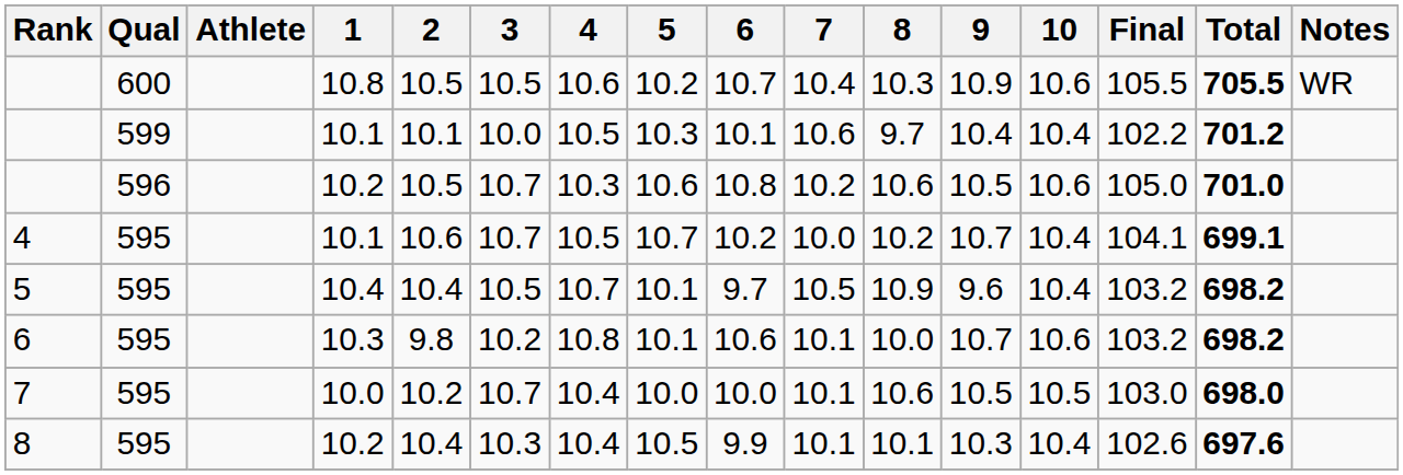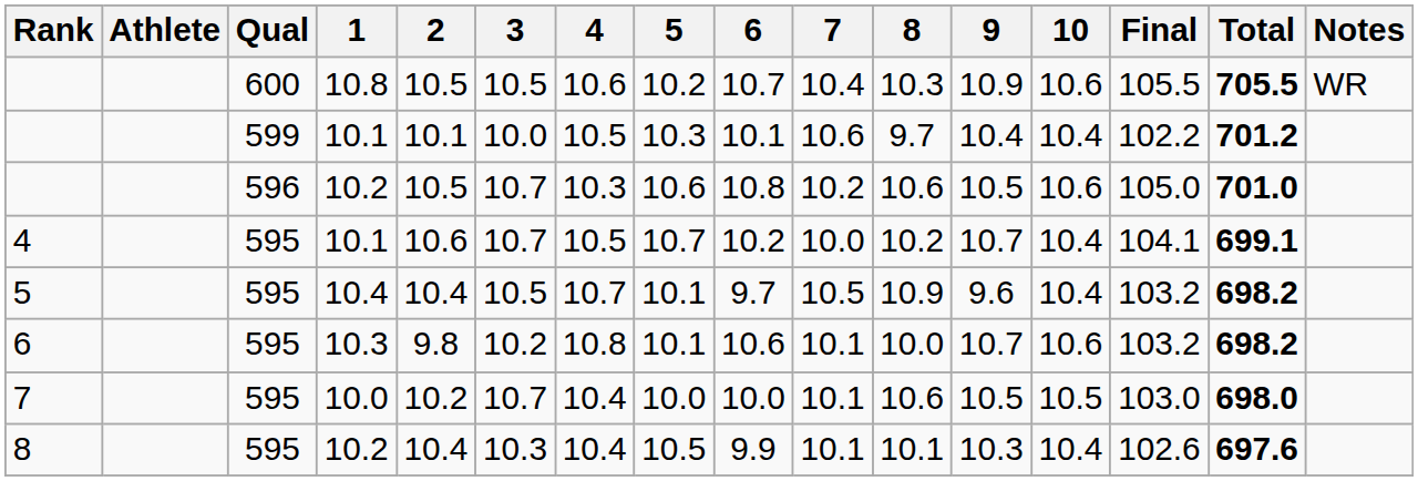 <table class="wikitable sortable">
 <tr>
 <th>Rank</th>
+<th>Athlete</th>
 <th>Qual</th>
-<th>Athlete</th>
 <th class="unsortable" style="width: 28px">1</th>
 <th class="unsortable" style="width: 28px">2</th>
 <th class="unsortable" style="width: 28px">3</th>
 <th class="unsortable" style="width: 28px">4</th>
 <th class="unsortable" style="width: 28px">5</th>
 <th class="unsortable" style="width: 28px">6</th>
 <th class="unsortable" style="width: 28px">7</th>
 <th class="unsortable" style="width: 28px">8</th>
 <th class="unsortable" style="width: 28px">9</th>
 <th class="unsortable" style="width: 28px">10</th>
 <th>Final</th>
 <th>Total</th>
 <th class="unsortable">Notes</th>
 </tr>
 <tr>
 <td></td>
+<td></td>
 <td align="center">600</td>
-<td></td>
 <td align="center">10.8</td>
 <td align="center">10.5</td>
 <td align="center">10.5</td>
 <td align="center">10.6</td>
 <td align="center">10.2</td>
 <td align="center">10.7</td>
 <td align="center">10.4</td>
 <td align="center">10.3</td>
 <td align="center">10.9</td>
 <td align="center">10.6</td>
 <td>105.5</td>
 <td><strong>705.5</strong></td>
 <td>WR</td>
 </tr>
 <tr>
 <td></td>
+<td></td>
 <td align="center">599</td>
-<td></td>
 <td align="center">10.1</td>
 <td align="center">10.1</td>
 <td align="center">10.0</td>
 <td align="center">10.5</td>
 <td align="center">10.3</td>
 <td align="center">10.1</td>
 <td align="center">10.6</td>
 <td align="center">9.7</td>
 <td align="center">10.4</td>
 <td align="center">10.4</td>
 <td>102.2</td>
 <td><strong>701.2</strong></td>
 <td></td>
 </tr>
 <tr>
 <td></td>
+<td></td>
 <td align="center">596</td>
-<td></td>
 <td align="center">10.2</td>
 <td align="center">10.5</td>
 <td align="center">10.7</td>
 <td align="center">10.3</td>
 <td align="center">10.6</td>
 <td align="center">10.8</td>
 <td align="center">10.2</td>
 <td align="center">10.6</td>
 <td align="center">10.5</td>
 <td align="center">10.6</td>
 <td>105.0</td>
 <td><strong>701.0</strong></td>
 <td></td>
 </tr>
 <tr>
 <td>4</td>
+<td></td>
 <td align="center">595</td>
-<td></td>
 <td align="center">10.1</td>
 <td align="center">10.6</td>
 <td align="center">10.7</td>
 <td align="center">10.5</td>
 <td align="center">10.7</td>
 <td align="center">10.2</td>
 <td align="center">10.0</td>
 <td align="center">10.2</td>
 <td align="center">10.7</td>
 <td align="center">10.4</td>
 <td>104.1</td>
 <td><strong>699.1</strong></td>
 <td></td>
 </tr>
 <tr>
 <td>5</td>
+<td></td>
 <td align="center">595</td>
-<td></td>
 <td align="center">10.4</td>
 <td align="center">10.4</td>
 <td align="center">10.5</td>
 <td align="center">10.7</td>
 <td align="center">10.1</td>
 <td align="center">9.7</td>
 <td align="center">10.5</td>
 <td align="center">10.9</td>
 <td align="center">9.6</td>
 <td align="center">10.4</td>
 <td>103.2</td>
 <td><strong>698.2</strong></td>
 <td></td>
 </tr>
 <tr>
 <td>6</td>
+<td></td>
 <td align="center">595</td>
-<td></td>
 <td align="center">10.3</td>
 <td align="center">9.8</td>
 <td align="center">10.2</td>
 <td align="center">10.8</td>
 <td align="center">10.1</td>
 <td align="center">10.6</td>
 <td align="center">10.1</td>
 <td align="center">10.0</td>
 <td align="center">10.7</td>
 <td align="center">10.6</td>
 <td>103.2</td>
 <td><strong>698.2</strong></td>
 <td></td>
 </tr>
 <tr>
 <td>7</td>
+<td></td>
 <td align="center">595</td>
-<td></td>
 <td align="center">10.0</td>
 <td align="center">10.2</td>
 <td align="center">10.7</td>
 <td align="center">10.4</td>
 <td align="center">10.0</td>
 <td align="center">10.0</td>
 <td align="center">10.1</td>
 <td align="center">10.6</td>
 <td align="center">10.5</td>
 <td align="center">10.5</td>
 <td>103.0</td>
 <td><strong>698.0</strong></td>
 <td></td>
 </tr>
 <tr>
 <td>8</td>
+<td></td>
 <td align="center">595</td>
-<td></td>
 <td align="center">10.2</td>
 <td align="center">10.4</td>
 <td align="center">10.3</td>
 <td align="center">10.4</td>
 <td align="center">10.5</td>
 <td align="center">9.9</td>
 <td align="center">10.1</td>
 <td align="center">10.1</td>
 <td align="center">10.3</td>
 <td align="center">10.4</td>
 <td>102.6</td>
 <td><strong>697.6</strong></td>
 <td></td>
 </tr>
 </table>
